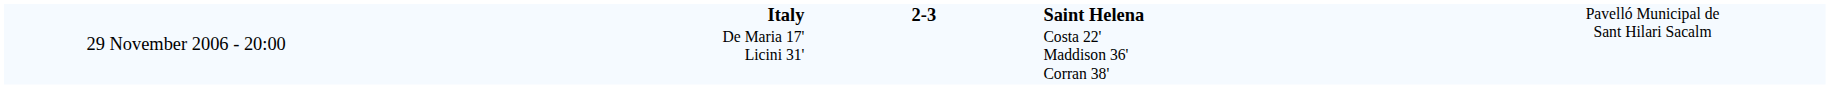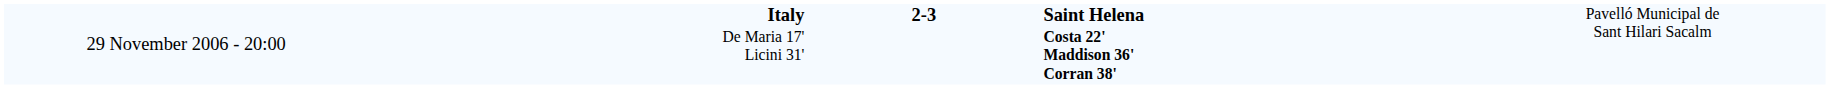 <table style="width: 100%; background:#F5FAFF;" cellspacing="0">
 <tr>
 <td align=center rowspan=3 width=20%>29 November 2006 - 20:00</td>
 </tr>
 <tr>
 <td width=24% align=right><strong>Italy</strong> </td>
 <td align=center width=13%><strong>2-3</strong></td>
 <td width=24%> <strong>Saint Helena</strong></td>
 <td style=font-size:85% rowspan=3 valign=top align=center>Pavelló Municipal de <br>Sant Hilari Sacalm</td>
 </tr>
 <tr style=font-size:85%>
 <td align=right valign=top>De Maria 17'<br>Licini 31'</td>
 <td></td>
-<td valign=top>Costa 22'<br>Maddison 36'<br>Corran 38'</td>
+<td valign=top><strong>Costa 22'<br>Maddison 36'<br>Corran 38'</strong></td>
 </tr>
 </table>
